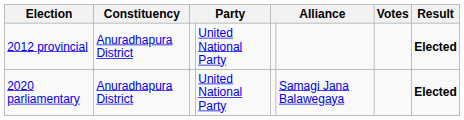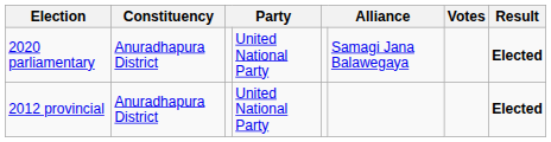 <table class="wikitable" style="text-align:left;">
 <tr>
 <th scope=col>Election</th>
 <th scope=col>Constituency</th>
 <th scope=col colspan="2">Party</th>
 <th scope=col colspan="2">Alliance</th>
 <th scope=col>Votes</th>
 <th scope=col>Result</th>
+</tr>
+<tr>
+<td><a href='#'>2020 parliamentary</a></td>
+<td><a href='#'>Anuradhapura District</a></td>
+<td style="background:"></td>
+<td><a href='#'>United National Party</a></td>
+<td style="background:"></td>
+<td><a href='#'>Samagi Jana Balawegaya</a></td>
+<td align=right></td>
+<td><strong>Elected</strong></td>
 </tr>
 <tr>
 <td><a href='#'>2012 provincial</a></td>
 <td><a href='#'>Anuradhapura District</a></td>
 <td style="background:"></td>
 <td><a href='#'>United National Party</a></td>
 <td></td>
 <td></td>
 <td align=right></td>
 <td><strong>Elected</strong></td>
 </tr>
-<tr>
-<td><a href='#'>2020 parliamentary</a></td>
-<td><a href='#'>Anuradhapura District</a></td>
-<td style="background:"></td>
-<td><a href='#'>United National Party</a></td>
-<td style="background:"></td>
-<td><a href='#'>Samagi Jana Balawegaya</a></td>
-<td align=right></td>
-<td><strong>Elected</strong></td>
-</tr>
 </table>
